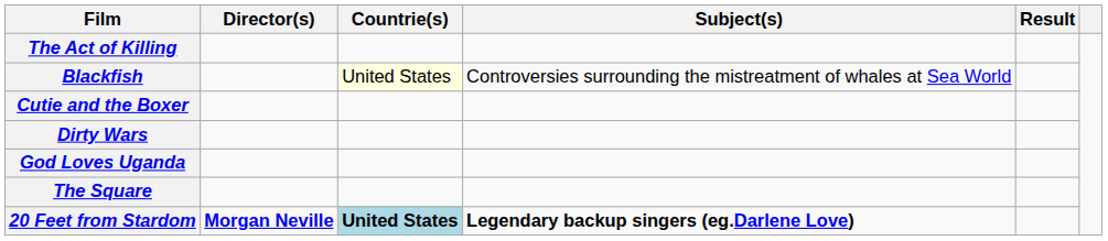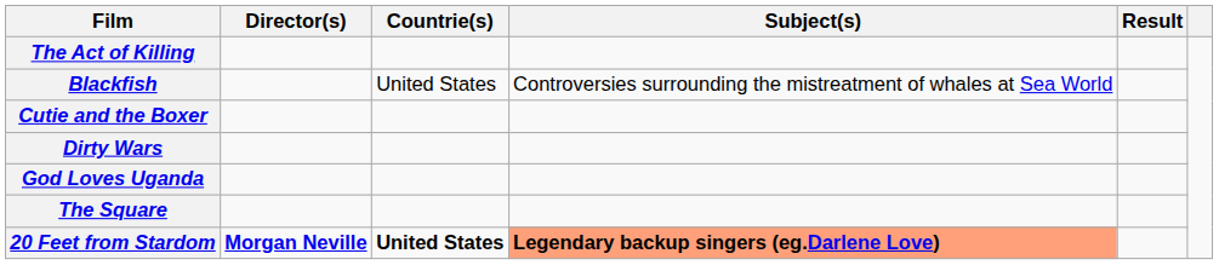 <table class="wikitable sortable plainrowheaders">
 <tr>
 <th scope="col">Film</th>
 <th scope="col">Director(s)</th>
 <th scope="col">Countrie(s)</th>
 <th scope="col">Subject(s)</th>
 <th scope="col">Result</th>
 <th scope="col" style="width:2%;"></th>
 </tr>
 <tr>
 <th scope="row"><em><a href='#'>The Act of Killing</a></em></th>
 <td></td>
 <td></td>
 <td></td>
 <td></td>
 <td align="center" rowspan="7"></td>
 </tr>
 <tr>
 <th scope="row"><em><a href='#'>Blackfish</a></em></th>
 <td></td>
-<td style="background: lightyellow;">United States</td>
+<td>United States</td>
 <td>Controversies surrounding the mistreatment of whales at <a href='#'>Sea World</a></td>
 <td></td>
 </tr>
 <tr>
 <th scope="row"><em><a href='#'>Cutie and the Boxer</a></em></th>
 <td></td>
 <td></td>
 <td></td>
 <td></td>
 </tr>
 <tr>
 <th scope="row"><em><a href='#'>Dirty Wars</a></em></th>
 <td></td>
 <td></td>
 <td></td>
 <td></td>
 </tr>
 <tr>
 <th scope="row"><em><a href='#'>God Loves Uganda</a></em></th>
 <td></td>
 <td></td>
 <td></td>
 <td></td>
 </tr>
 <tr>
 <th scope="row"><em><a href='#'>The Square</a></em></th>
 <td></td>
 <td></td>
 <td></td>
 <td></td>
 </tr>
 <tr>
 <th scope="row"><strong><em><a href='#'>20 Feet from Stardom</a></em></strong></th>
 <td><strong><a href='#'>Morgan Neville</a></strong></td>
-<td style="background: lightblue;"><strong>United States</strong></td>
-<td><strong>Legendary backup singers (eg.<a href='#'>Darlene Love</a>)</strong></td>
+<td><strong>United States</strong></td>
+<td style="background: lightsalmon;"><strong>Legendary backup singers (eg.<a href='#'>Darlene Love</a>)</strong></td>
 <td></td>
 </tr>
 </table>
